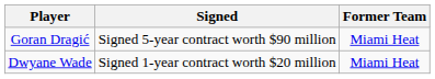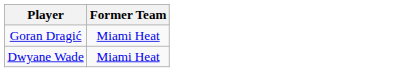 <table class="wikitable sortable sortable">
 <tr>
 <th>Player</th>
-<th>Signed</th>
 <th>Former Team</th>
 </tr>
 <tr style="text-align: center">
 <td><a href='#'>Goran Dragić</a></td>
-<td>Signed 5-year contract worth $90 million</td>
 <td><a href='#'>Miami Heat</a></td>
 </tr>
 <tr style="text-align: center">
 <td><a href='#'>Dwyane Wade</a></td>
-<td>Signed 1-year contract worth $20 million</td>
 <td><a href='#'>Miami Heat</a></td>
 </tr>
 </table>
